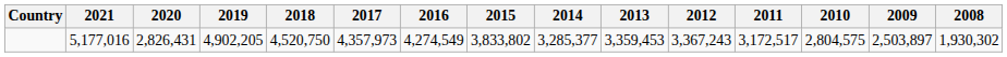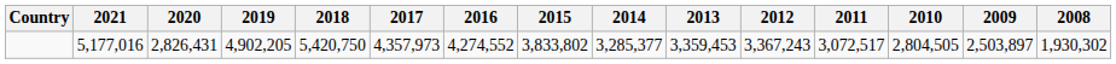 <table class="wikitable">
 <tr>
 <th>Country</th>
 <th>2021</th>
 <th>2020</th>
 <th>2019</th>
 <th>2018</th>
 <th>2017</th>
 <th>2016</th>
 <th>2015</th>
 <th>2014</th>
 <th>2013</th>
 <th>2012</th>
 <th>2011</th>
 <th>2010</th>
 <th>2009</th>
 <th>2008</th>
 </tr>
 <tr>
 <td></td>
 <td> 5,177,016</td>
 <td> 2,826,431</td>
 <td> 4,902,205</td>
-<td> 4,520,750</td>
+<td> 5,420,750</td>
 <td> 4,357,973</td>
-<td> 4,274,549</td>
+<td> 4,274,552</td>
 <td> 3,833,802</td>
 <td> 3,285,377</td>
 <td> 3,359,453</td>
 <td> 3,367,243</td>
-<td> 3,172,517</td>
-<td> 2,804,575</td>
+<td> 3,072,517</td>
+<td> 2,804,505</td>
 <td> 2,503,897</td>
 <td>1,930,302</td>
 </tr>
 </table>
